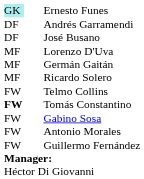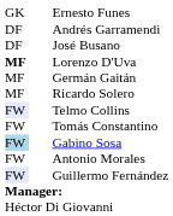 <table cellspacing="0" cellpadding="0" style="font-size:90%; margin:0.2em auto;">
 <tr>
 <th width="25"></th>
 <th width="25"></th>
 </tr>
 <tr>
-<td style="background: paleturquoise;">GK</td>
+<td>GK</td>
 <td></td>
 <td> Ernesto Funes</td>
 </tr>
 <tr>
 <td>DF</td>
 <td></td>
 <td> Andrés Garramendi</td>
 </tr>
 <tr>
 <td>DF</td>
 <td></td>
 <td> José Busano</td>
 </tr>
 <tr>
-<td>MF</td>
+<td><strong>MF</strong></td>
 <td></td>
 <td> Lorenzo D'Uva</td>
 </tr>
 <tr>
 <td>MF</td>
 <td></td>
 <td> Germán Gaitán</td>
 </tr>
 <tr>
 <td>MF</td>
 <td></td>
 <td> Ricardo Solero</td>
 </tr>
 <tr>
-<td>FW</td>
+<td style="background: lavender;">FW</td>
 <td></td>
 <td> Telmo Collins</td>
 </tr>
 <tr>
-<td><strong>FW</strong></td>
+<td>FW</td>
 <td></td>
 <td> Tomás Constantino</td>
 </tr>
 <tr>
-<td>FW</td>
+<td style="background: lightblue;">FW</td>
 <td></td>
 <td> <a href='#'>Gabino Sosa</a></td>
 </tr>
 <tr>
 <td>FW</td>
 <td></td>
 <td> Antonio Morales</td>
 </tr>
 <tr>
-<td>FW</td>
+<td style="background: lavender;">FW</td>
 <td></td>
 <td> Guillermo Fernández</td>
 </tr>
 <tr>
 <td colspan=4><strong>Manager:</strong></td>
 </tr>
 <tr>
 <td colspan="4"> Héctor Di Giovanni</td>
 </tr>
 </table>
